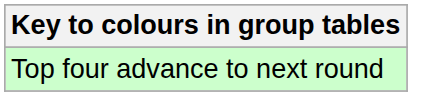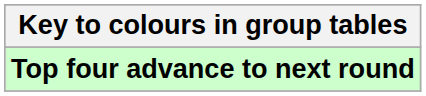 <table class="wikitable" border="1">
 <tr>
 <th>Key to colours in group tables</th>
 </tr>
 <tr style="background:#cfc;">
-<td>Top four advance to next round</td>
+<td><strong>Top four advance to next round</strong></td>
 </tr>
 </table>
